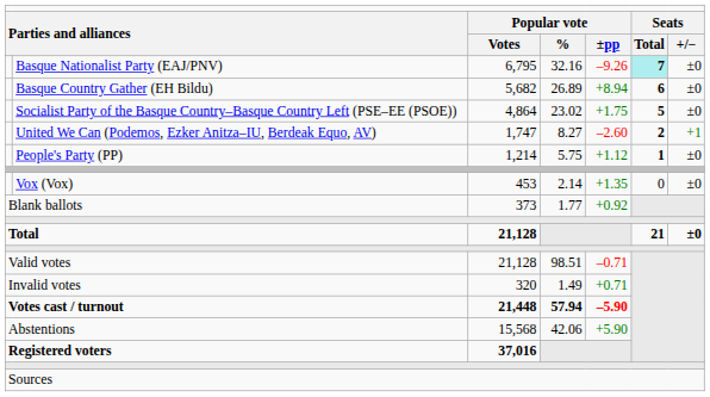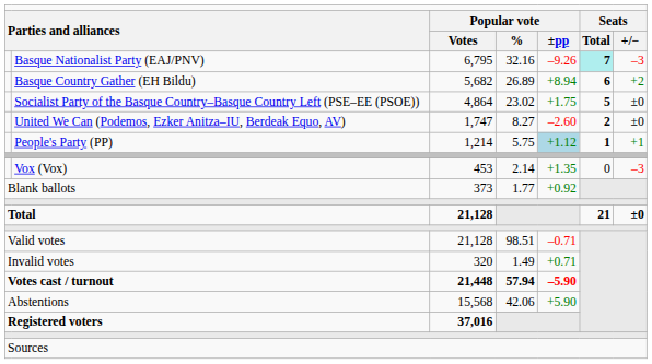 <table class="wikitable" style="text-align:right;">
 <tr>
 <td colspan="7"></td>
 </tr>
 <tr>
 <th style="text-align:left;" rowspan="2" colspan="2" width="525">Parties and alliances</th>
 <th colspan="3">Popular vote</th>
 <th colspan="2">Seats</th>
 </tr>
 <tr>
 <th width="75">Votes</th>
 <th width="45">%</th>
 <th width="45">±<a href='#'>pp</a></th>
 <th width="35">Total</th>
 <th width="35">+/−</th>
 </tr>
 <tr>
 <td width="1" style="color:inherit;background:"></td>
 <td align="left"><a href='#'>Basque Nationalist Party</a> (EAJ/PNV)</td>
 <td>6,795</td>
 <td>32.16</td>
 <td style="color:red;">–9.26</td>
 <td style="background: paleturquoise;"><strong>7</strong></td>
-<td>±0</td>
+<td style="color:red;">–3</td>
 </tr>
 <tr>
 <td style="color:inherit;background:"></td>
 <td align="left"><a href='#'>Basque Country Gather</a> (EH Bildu)</td>
 <td>5,682</td>
 <td>26.89</td>
 <td style="color:green;">+8.94</td>
 <td><strong>6</strong></td>
-<td>±0</td>
+<td style="color:green;">+2</td>
 </tr>
 <tr>
 <td style="color:inherit;background:"></td>
 <td align="left"><a href='#'>Socialist Party of the Basque Country–Basque Country Left</a> (PSE–EE (PSOE))</td>
 <td>4,864</td>
 <td>23.02</td>
 <td style="color:green;">+1.75</td>
 <td><strong>5</strong></td>
 <td>±0</td>
 </tr>
 <tr>
 <td style="color:inherit;background:"></td>
 <td align="left"><a href='#'>United We Can</a> (<a href='#'>Podemos</a>, <a href='#'>Ezker Anitza–IU</a>, <a href='#'>Berdeak Equo</a>, <a href='#'>AV</a>)</td>
 <td>1,747</td>
 <td>8.27</td>
 <td style="color:red;">–2.60</td>
 <td><strong>2</strong></td>
-<td style="color:green;">+1</td>
+<td>±0</td>
 </tr>
 <tr>
 <td style="color:inherit;background:"></td>
 <td align="left"><a href='#'>People's Party</a> (PP)</td>
 <td>1,214</td>
 <td>5.75</td>
-<td style="color:green;">+1.12</td>
+<td style="background: lightblue; color:green;">+1.12</td>
 <td><strong>1</strong></td>
-<td>±0</td>
+<td style="color:green;">+1</td>
 </tr>
 <tr>
 <td colspan="7" bgcolor="#C0C0C0"></td>
 </tr>
 <tr>
 <td style="color:inherit;background:"></td>
 <td align="left"><a href='#'>Vox</a> (Vox)</td>
 <td>453</td>
 <td>2.14</td>
 <td style="color:green;">+1.35</td>
 <td>0</td>
-<td>±0</td>
+<td style="color:red;">–3</td>
 </tr>
 <tr>
 <td align="left" colspan="2">Blank ballots</td>
 <td>373</td>
 <td>1.77</td>
 <td style="color:green;">+0.92</td>
 <td bgcolor="#E9E9E9" colspan="2"></td>
 </tr>
 <tr>
 <td colspan="7" bgcolor="#E9E9E9"></td>
 </tr>
 <tr style="font-weight:bold;">
 <td align="left" colspan="2">Total</td>
 <td>21,128</td>
 <td bgcolor="#E9E9E9" colspan="2"></td>
 <td>21</td>
 <td>±0</td>
 </tr>
 <tr>
 <td colspan="7" bgcolor="#E9E9E9"></td>
 </tr>
 <tr>
 <td align="left" colspan="2">Valid votes</td>
 <td>21,128</td>
 <td>98.51</td>
 <td style="color:red;">–0.71</td>
 <td bgcolor="#E9E9E9" colspan="2" rowspan="5"></td>
 </tr>
 <tr>
 <td align="left" colspan="2">Invalid votes</td>
 <td>320</td>
 <td>1.49</td>
 <td style="color:green;">+0.71</td>
 </tr>
 <tr style="font-weight:bold;">
 <td align="left" colspan="2">Votes cast / turnout</td>
 <td>21,448</td>
 <td>57.94</td>
 <td style="color:red;">–5.90</td>
 </tr>
 <tr>
 <td align="left" colspan="2">Abstentions</td>
 <td>15,568</td>
 <td>42.06</td>
 <td style="color:green;">+5.90</td>
 </tr>
 <tr style="font-weight:bold;">
 <td align="left" colspan="2">Registered voters</td>
 <td>37,016</td>
 <td bgcolor="#E9E9E9" colspan="2"></td>
 </tr>
 <tr>
 <td colspan="7" bgcolor="#E9E9E9"></td>
 </tr>
 <tr>
 <td align="left" colspan="7">Sources</td>
 </tr>
 </table>
